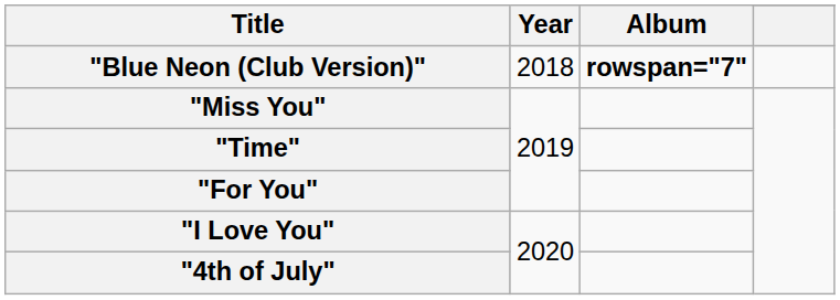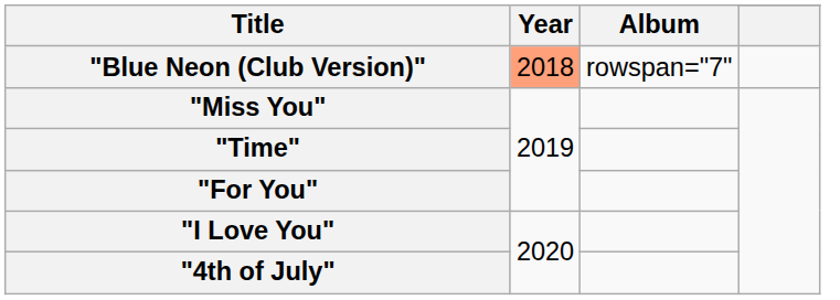 <table class="wikitable plainrowheaders" style="text-align:center;">
 <tr>
 <th scope="col" rowspan="2" style="width:19em;">Title</th>
 <th scope="col" rowspan="2">Year</th>
 <th scope="col" rowspan="2">Album</th>
 </tr>
 <tr>
 <th scope="col" style="width:3em;font-size:90%;"></th>
 </tr>
 <tr>
 <th scope="row">"Blue Neon (Club Version)"</th>
-<td rowspan="1">2018</td>
-<td><strong>rowspan="7" </strong></td>
+<td rowspan="1" style="background: lightsalmon;">2018</td>
+<td>rowspan="7" </td>
 <td></td>
 </tr>
 <tr>
 <th scope="row">"Miss You" </th>
 <td rowspan="3">2019</td>
 <td></td>
 </tr>
 <tr>
 <th scope="row">"Time"</th>
 <td></td>
 </tr>
 <tr>
 <th scope="row">"For You"</th>
 <td></td>
 </tr>
 <tr>
 <th scope="row">"I Love You"</th>
 <td rowspan="2">2020</td>
 <td></td>
 </tr>
 <tr>
 <th scope="row">"4th of July"</th>
 <td></td>
 </tr>
 </table>
